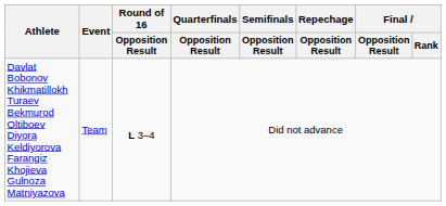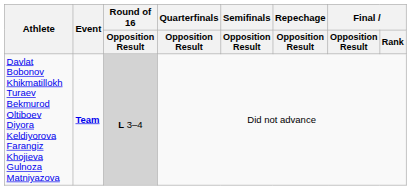 <table class="wikitable" style="font-size:90%">
 <tr>
 <th rowspan="2">Athlete</th>
 <th rowspan="2">Event</th>
 <th>Round of 16</th>
 <th>Quarterfinals</th>
 <th>Semifinals</th>
 <th>Repechage</th>
 <th colspan=2>Final / </th>
 </tr>
 <tr style="font-size:95%">
 <th>Opposition<br>Result</th>
 <th>Opposition<br>Result</th>
 <th>Opposition<br>Result</th>
 <th>Opposition<br>Result</th>
 <th>Opposition<br>Result</th>
 <th>Rank</th>
 </tr>
 <tr align=center>
 <td align=left><a href='#'>Davlat Bobonov</a><br><a href='#'>Khikmatillokh Turaev</a><br><a href='#'>Bekmurod Oltiboev</a><br><a href='#'>Diyora Keldiyorova</a><br><a href='#'>Farangiz Khojieva</a><br><a href='#'>Gulnoza Matniyazova</a></td>
-<td align=left><a href='#'>Team</a></td>
-<td><br><strong>L</strong> 3–4</td>
+<td align=left><strong><a href='#'>Team</a></strong></td>
+<td style="background: lightgrey;"><br><strong>L</strong> 3–4</td>
 <td colspan=5>Did not advance</td>
 </tr>
 </table>
